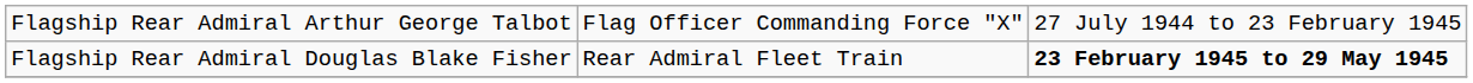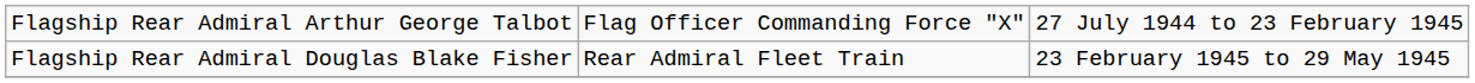 <table class="wikitable">
 <tr>
 <td>Flagship Rear Admiral Arthur George Talbot</td>
 <td>Flag Officer Commanding Force "X"</td>
 <td>27 July 1944 to 23 February 1945</td>
 </tr>
 <tr>
 <td>Flagship Rear Admiral Douglas Blake Fisher</td>
 <td>Rear Admiral Fleet Train</td>
-<td><strong>23 February 1945 to 29 May 1945</strong></td>
+<td>23 February 1945 to 29 May 1945</td>
 </tr>
 <tr>
 </tr>
 </table>
